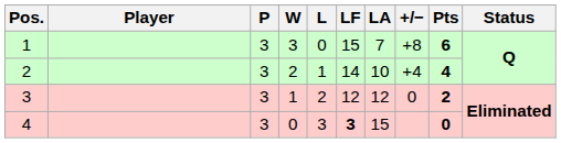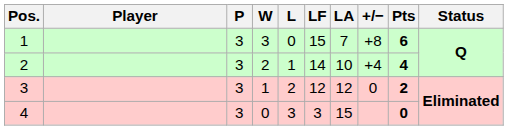 <table class="wikitable" style="text-align:center; margin: 1em auto 1em auto, align:left">
 <tr>
 <th width=20>Pos.</th>
 <th width=185>Player</th>
 <th width=20>P</th>
 <th width=20>W</th>
 <th width=20>L</th>
 <th width=20>LF</th>
 <th width=20>LA</th>
 <th width=25>+/−</th>
 <th width=20>Pts</th>
 <th width=70>Status</th>
 </tr>
 <tr style="background:#CCFFCC;">
 <td>1</td>
 <td style="text-align:left"left></td>
 <td>3</td>
 <td>3</td>
 <td>0</td>
 <td>15</td>
 <td>7</td>
 <td>+8</td>
 <td><strong>6</strong></td>
 <td rowspan=2><strong>Q</strong></td>
 </tr>
 <tr style="background:#CCFFCC;">
 <td>2</td>
 <td style="text-align:left"></td>
 <td>3</td>
 <td>2</td>
 <td>1</td>
 <td>14</td>
 <td>10</td>
 <td>+4</td>
 <td><strong>4</strong></td>
 </tr>
 <tr style="background:#FFCCCC;">
 <td>3</td>
 <td style="text-align:left"></td>
 <td>3</td>
 <td>1</td>
 <td>2</td>
 <td>12</td>
 <td>12</td>
 <td>0</td>
 <td><strong> 2</strong></td>
 <td rowspan=2><strong>Eliminated</strong></td>
 </tr>
 <tr style="background:#FFCCCC;">
 <td>4</td>
 <td style="text-align:left"></td>
 <td>3</td>
 <td>0</td>
 <td>3</td>
-<td><strong>3</strong></td>
+<td>3</td>
 <td>15</td>
 <td></td>
 <td><strong>0</strong></td>
 </tr>
 </table>
